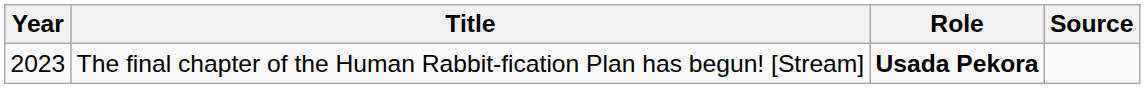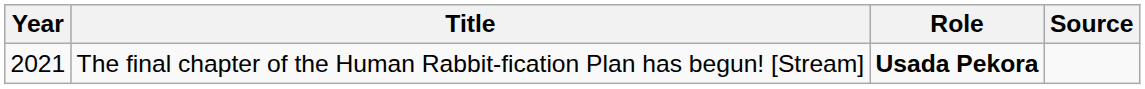 <table class="wikitable">
 <tr>
 <th>Year</th>
 <th>Title</th>
 <th>Role</th>
 <th>Source</th>
 </tr>
 <tr>
-<td>2023</td>
+<td>2021</td>
 <td>The final chapter of the Human Rabbit-fication Plan has begun! [Stream]</td>
 <td><strong>Usada Pekora</strong></td>
 <td></td>
 </tr>
 </table>
